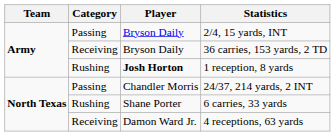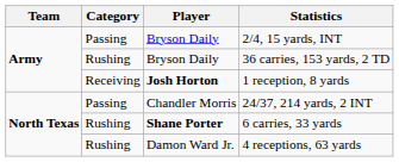 <table class="wikitable" style="float: right;">
 <tr>
 <th>Team</th>
 <th>Category</th>
 <th>Player</th>
 <th>Statistics</th>
 </tr>
 <tr>
 <td rowspan=3><strong>Army</strong></td>
 <td>Passing</td>
 <td><a href='#'>Bryson Daily</a></td>
 <td>2/4, 15 yards, INT</td>
 </tr>
 <tr>
-<td>Receiving</td>
+<td>Rushing</td>
 <td>Bryson Daily</td>
 <td>36 carries, 153 yards, 2 TD</td>
 </tr>
 <tr>
-<td>Rushing</td>
+<td>Receiving</td>
 <td><strong>Josh Horton</strong></td>
 <td>1 reception, 8 yards</td>
 </tr>
 <tr>
 <td rowspan=3><strong>North Texas</strong></td>
 <td>Passing</td>
 <td>Chandler Morris</td>
 <td>24/37, 214 yards, 2 INT</td>
 </tr>
 <tr>
 <td>Rushing</td>
-<td>Shane Porter</td>
+<td><strong>Shane Porter</strong></td>
 <td>6 carries, 33 yards</td>
 </tr>
 <tr>
-<td>Receiving</td>
+<td>Rushing</td>
 <td>Damon Ward Jr.</td>
 <td>4 receptions, 63 yards</td>
 </tr>
 </table>
